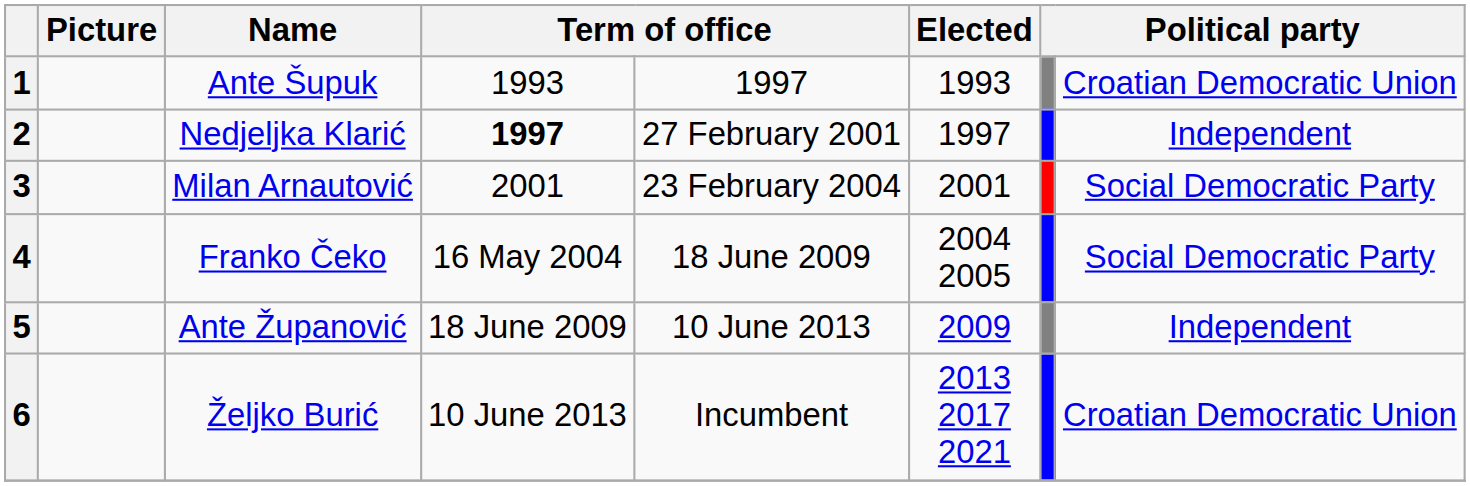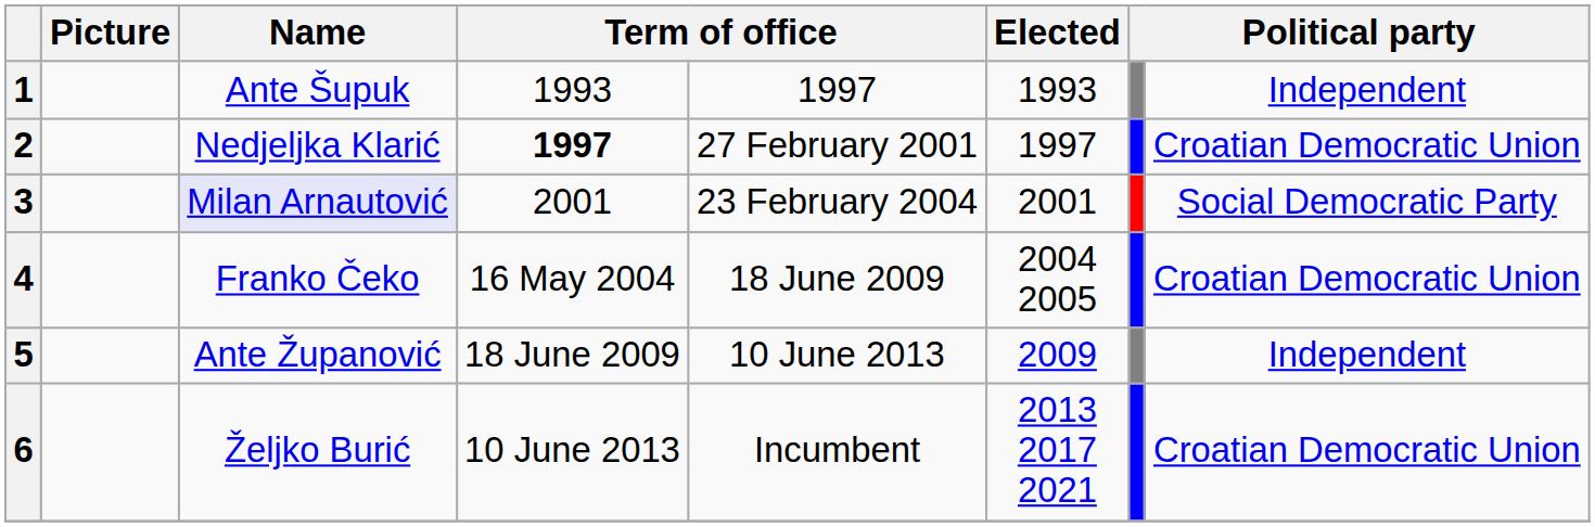 <table class="wikitable" style="text-align:center">
 <tr>
 <th></th>
 <th>Picture</th>
 <th>Name<br></th>
 <th colspan=2>Term of office</th>
 <th>Elected</th>
 <th colspan=2>Political party</th>
 </tr>
 <tr>
 <th><strong>1</strong></th>
 <td></td>
 <td><a href='#'>Ante Šupuk</a><br></td>
 <td>1993</td>
 <td>1997</td>
 <td>1993</td>
 <th style="background-color: grey"></th>
-<td><a href='#'>Croatian Democratic Union</a></td>
+<td><a href='#'>Independent</a><br></td>
 </tr>
 <tr>
 <th><strong>2</strong></th>
 <td></td>
 <td><a href='#'>Nedjeljka Klarić</a><br></td>
 <td><strong>1997</strong></td>
 <td>27 February 2001</td>
 <td>1997</td>
 <th style="background-color: blue"></th>
-<td><a href='#'>Independent</a><br></td>
+<td><a href='#'>Croatian Democratic Union</a></td>
 </tr>
 <tr>
 <th><strong>3</strong></th>
 <td></td>
-<td><a href='#'>Milan Arnautović</a></td>
+<td style="background: lavender;"><a href='#'>Milan Arnautović</a></td>
 <td>2001</td>
 <td>23 February 2004</td>
 <td>2001</td>
 <th style="background-color: red"></th>
 <td><a href='#'>Social Democratic Party</a></td>
 </tr>
 <tr>
 <th><strong>4</strong></th>
 <td></td>
 <td><a href='#'>Franko Čeko</a></td>
 <td>16 May 2004</td>
 <td>18 June 2009</td>
 <td>2004<br>2005</td>
 <th style="background-color: blue"></th>
-<td><a href='#'>Social Democratic Party</a></td>
+<td><a href='#'>Croatian Democratic Union</a></td>
 </tr>
 <tr>
 <th><strong>5</strong></th>
 <td></td>
 <td><a href='#'>Ante Županović</a><br></td>
 <td>18 June 2009</td>
 <td>10 June 2013</td>
 <td><a href='#'>2009</a></td>
 <th style="background-color: grey"></th>
 <td><a href='#'>Independent</a><br></td>
 </tr>
 <tr>
 <th><strong>6</strong></th>
 <td></td>
 <td><a href='#'>Željko Burić</a><br></td>
 <td>10 June 2013</td>
 <td>Incumbent</td>
 <td><a href='#'>2013</a><br><a href='#'>2017</a><br><a href='#'>2021</a></td>
 <th style="background-color: blue"></th>
 <td><a href='#'>Croatian Democratic Union</a></td>
 </tr>
 <tr>
 </tr>
 </table>
